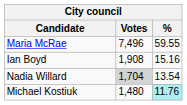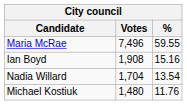 <table class="wikitable">
 <tr>
 <th colspan="3">City council</th>
 </tr>
 <tr>
 <th style="width: 170px">Candidate</th>
 <th style="width: 50px">Votes</th>
 <th style="width: 40px">%</th>
 </tr>
 <tr>
 <td><a href='#'>Maria McRae</a></td>
 <td>7,496</td>
 <td>59.55</td>
 </tr>
 <tr>
 <td>Ian Boyd</td>
 <td>1,908</td>
 <td>15.16</td>
 </tr>
 <tr>
 <td>Nadia Willard</td>
-<td style="background: lightgrey;">1,704</td>
+<td>1,704</td>
 <td>13.54</td>
 </tr>
 <tr>
 <td>Michael Kostiuk</td>
 <td>1,480</td>
-<td style="background: paleturquoise;">11.76</td>
+<td>11.76</td>
 </tr>
 </table>
